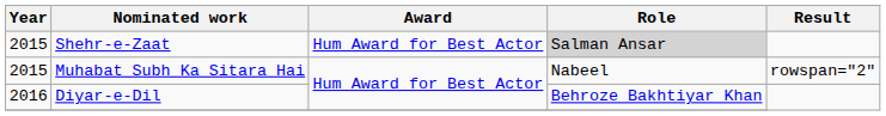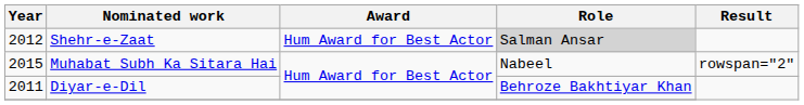 <table class="wikitable sortable">
 <tr>
 <th>Year</th>
 <th>Nominated work</th>
 <th>Award</th>
 <th>Role</th>
 <th>Result</th>
 </tr>
 <tr>
-<td>2015</td>
+<td>2012</td>
 <td><a href='#'>Shehr-e-Zaat</a></td>
 <td><a href='#'>Hum Award for Best Actor</a></td>
 <td style="background: lightgrey;">Salman Ansar</td>
 <td></td>
 </tr>
 <tr>
 <td>2015</td>
 <td><a href='#'>Muhabat Subh Ka Sitara Hai</a></td>
 <td rowspan="2"><a href='#'>Hum Award for Best Actor</a></td>
 <td>Nabeel</td>
 <td>rowspan="2" </td>
 </tr>
 <tr>
-<td>2016</td>
+<td>2011</td>
 <td><a href='#'>Diyar-e-Dil</a></td>
 <td><a href='#'>Behroze Bakhtiyar Khan</a></td>
 </tr>
 <tr>
 </tr>
 </table>
